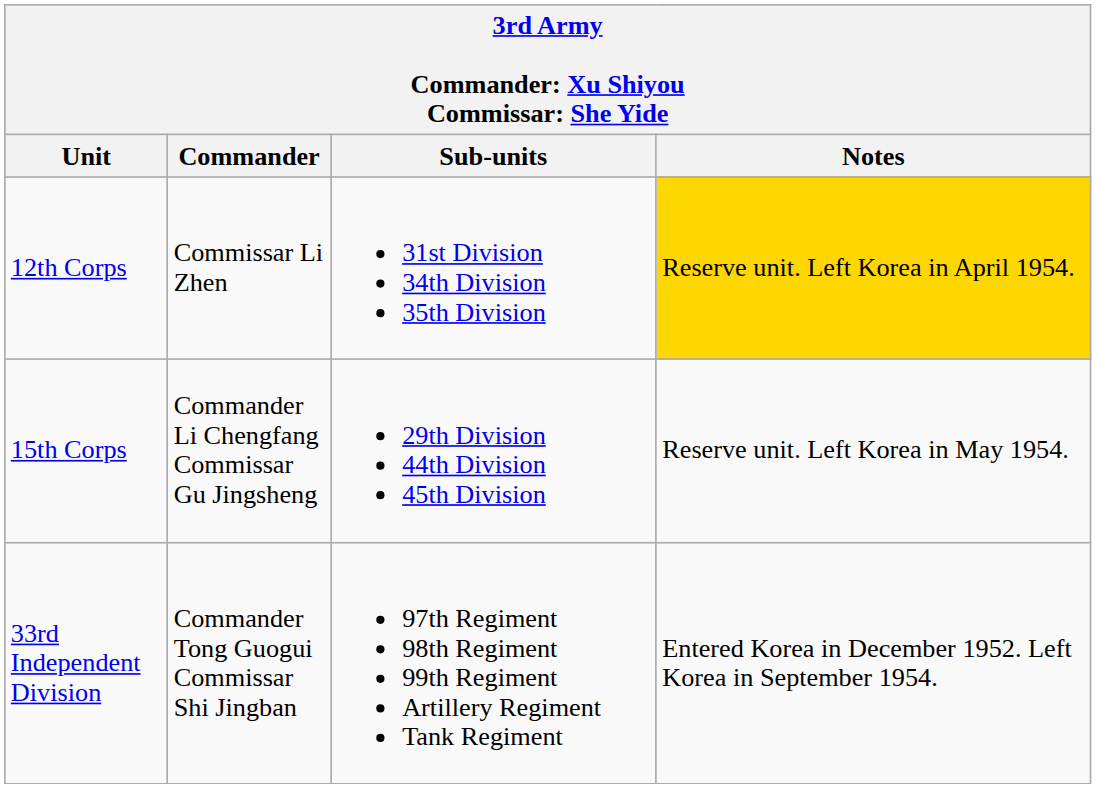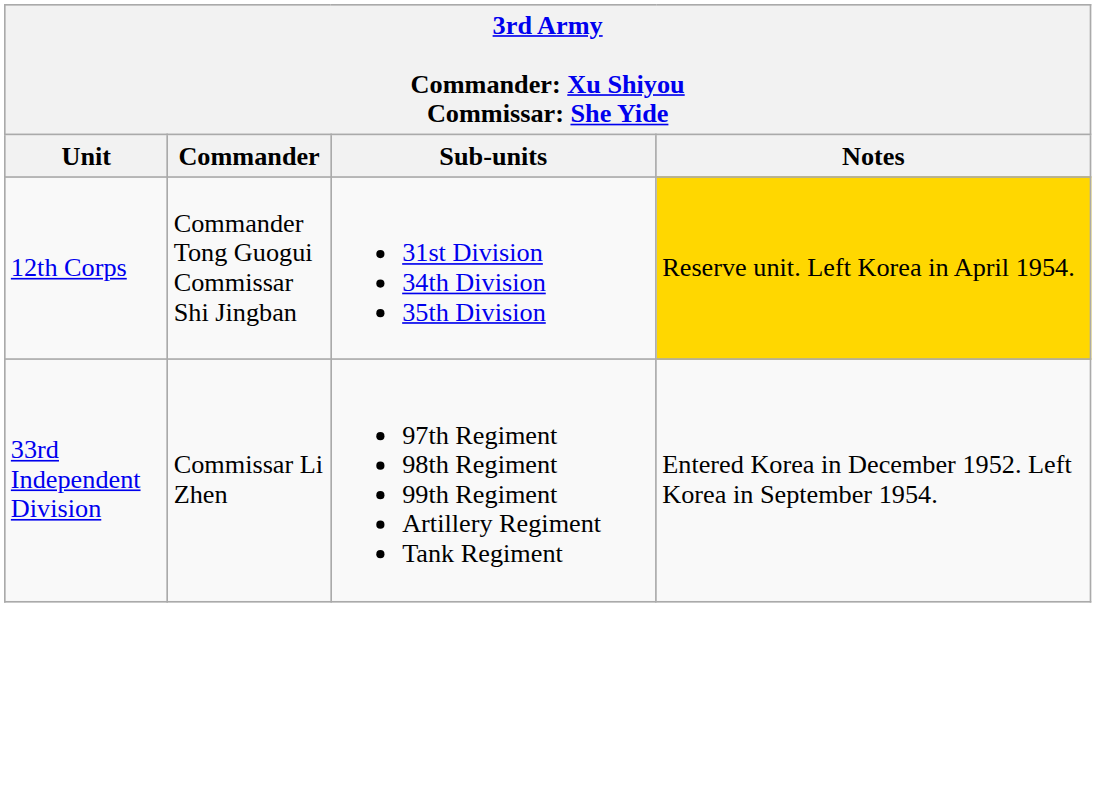 <table class="wikitable" style="width: 75%">
 <tr>
 <th colspan="4" align= center> <a href='#'>3rd Army</a><br><br>Commander: <a href='#'>Xu Shiyou</a><br> Commissar: <a href='#'>She Yide</a></th>
 </tr>
 <tr>
 <th width=15%; align= center>Unit</th>
 <th width=15%; align= center>Commander</th>
 <th width=30%; align= center>Sub-units</th>
 <th width=40%; align= center>Notes</th>
 </tr>
 <tr>
 <td><a href='#'>12th Corps</a></td>
-<td>Commissar Li Zhen</td>
+<td>Commander Tong Guogui<br>Commissar Shi Jingban</td>
 <td><br><ul><li><a href='#'>31st Division</a></li><li><a href='#'>34th Division</a></li><li><a href='#'>35th Division</a></li></ul></td>
 <td style="background: gold;">Reserve unit. Left Korea in April 1954.</td>
 </tr>
 <tr>
-<td><a href='#'>15th Corps</a></td>
-<td>Commander Li Chengfang<br>Commissar Gu Jingsheng</td>
-<td><br><ul><li><a href='#'>29th Division</a></li><li><a href='#'>44th Division</a></li><li><a href='#'>45th Division</a></li></ul></td>
-<td>Reserve unit. Left Korea in May 1954.</td>
-</tr>
-<tr>
 <td><a href='#'>33rd Independent Division</a></td>
-<td>Commander Tong Guogui<br>Commissar Shi Jingban</td>
+<td>Commissar Li Zhen</td>
 <td><br><ul><li>97th Regiment</li><li>98th Regiment</li><li>99th Regiment</li><li>Artillery Regiment</li><li>Tank Regiment</li></ul></td>
 <td>Entered Korea in December 1952. Left Korea in September 1954.</td>
 </tr>
 </table>
